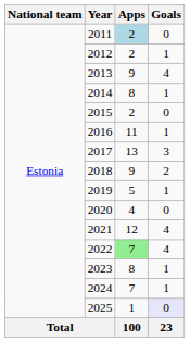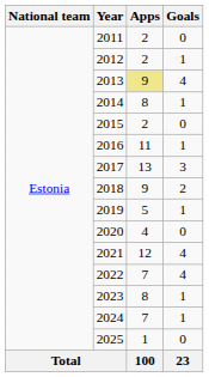 <table class="wikitable" style="text-align:center">
 <tr>
 <th>National team</th>
 <th>Year</th>
 <th>Apps</th>
 <th>Goals</th>
 </tr>
 <tr>
 <td rowspan="15"><a href='#'>Estonia</a></td>
 <td>2011</td>
-<td style="background: lightblue;">2</td>
+<td>2</td>
 <td>0</td>
 </tr>
 <tr>
 <td>2012</td>
 <td>2</td>
 <td>1</td>
 </tr>
 <tr>
 <td>2013</td>
-<td>9</td>
+<td style="background: khaki;">9</td>
 <td>4</td>
 </tr>
 <tr>
 <td>2014</td>
 <td>8</td>
 <td>1</td>
 </tr>
 <tr>
 <td>2015</td>
 <td>2</td>
 <td>0</td>
 </tr>
 <tr>
 <td>2016</td>
 <td>11</td>
 <td>1</td>
 </tr>
 <tr>
 <td>2017</td>
 <td>13</td>
 <td>3</td>
 </tr>
 <tr>
 <td>2018</td>
 <td>9</td>
 <td>2</td>
 </tr>
 <tr>
 <td>2019</td>
 <td>5</td>
 <td>1</td>
 </tr>
 <tr>
 <td>2020</td>
 <td>4</td>
 <td>0</td>
 </tr>
 <tr>
 <td>2021</td>
 <td>12</td>
 <td>4</td>
 </tr>
 <tr>
 <td>2022</td>
-<td style="background: lightgreen;">7</td>
+<td>7</td>
 <td>4</td>
 </tr>
 <tr>
 <td>2023</td>
 <td>8</td>
 <td>1</td>
 </tr>
 <tr>
 <td>2024</td>
 <td>7</td>
 <td>1</td>
 </tr>
 <tr>
 <td>2025</td>
 <td>1</td>
-<td style="background: lavender;">0</td>
+<td>0</td>
 </tr>
 <tr>
 <th colspan="2">Total</th>
 <th>100</th>
 <th>23</th>
 </tr>
 </table>
